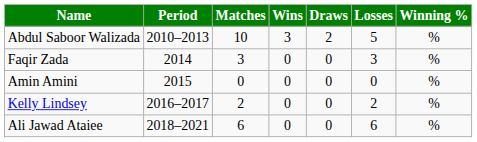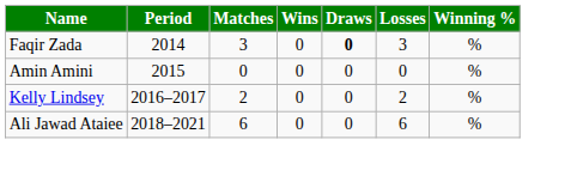 <table class="wikitable" style="text-align:center">
 <tr>
 <th style="background:green; color:#FFF; ">Name</th>
 <th style="background:green; color:#FFF; ">Period</th>
 <th style="background:green; color:#FFF; ">Matches</th>
 <th style="background:green; color:#FFF; ">Wins</th>
 <th style="background:green; color:#FFF; ">Draws</th>
 <th style="background:green; color:#FFF; ">Losses</th>
 <th style="background:green; color:#FFF; ">Winning %</th>
 </tr>
 <tr>
-<td style="text-align:left"> Abdul Saboor Walizada</td>
-<td>2010–2013</td>
-<td>10</td>
-<td>3</td>
-<td>2</td>
-<td>5</td>
-<td>%</td>
-</tr>
-<tr>
 <td style="text-align:left"> Faqir Zada</td>
 <td>2014</td>
 <td>3</td>
 <td>0</td>
-<td>0</td>
+<td><strong>0</strong></td>
 <td>3</td>
 <td>%</td>
 </tr>
 <tr>
 <td style="text-align:left"> Amin Amini</td>
 <td>2015</td>
 <td>0</td>
 <td>0</td>
 <td>0</td>
 <td>0</td>
 <td>%</td>
 </tr>
 <tr>
 <td style="text-align:left"> <a href='#'>Kelly Lindsey</a></td>
 <td>2016–2017</td>
 <td>2</td>
 <td>0</td>
 <td>0</td>
 <td>2</td>
 <td>%</td>
 </tr>
 <tr>
 <td style="text-align:left"> Ali Jawad Ataiee</td>
 <td>2018–2021</td>
 <td>6</td>
 <td>0</td>
 <td>0</td>
 <td>6</td>
 <td>%</td>
 </tr>
 </table>
